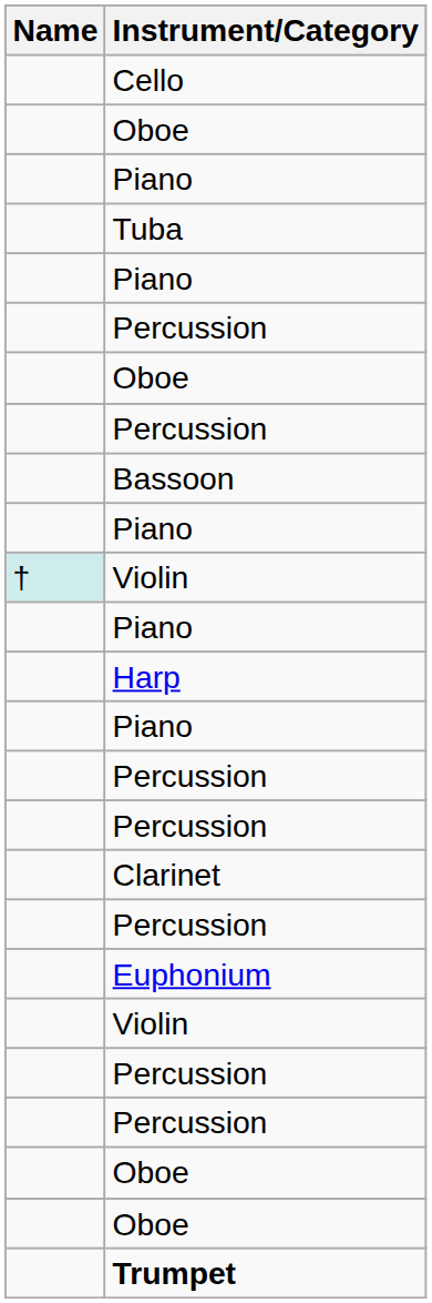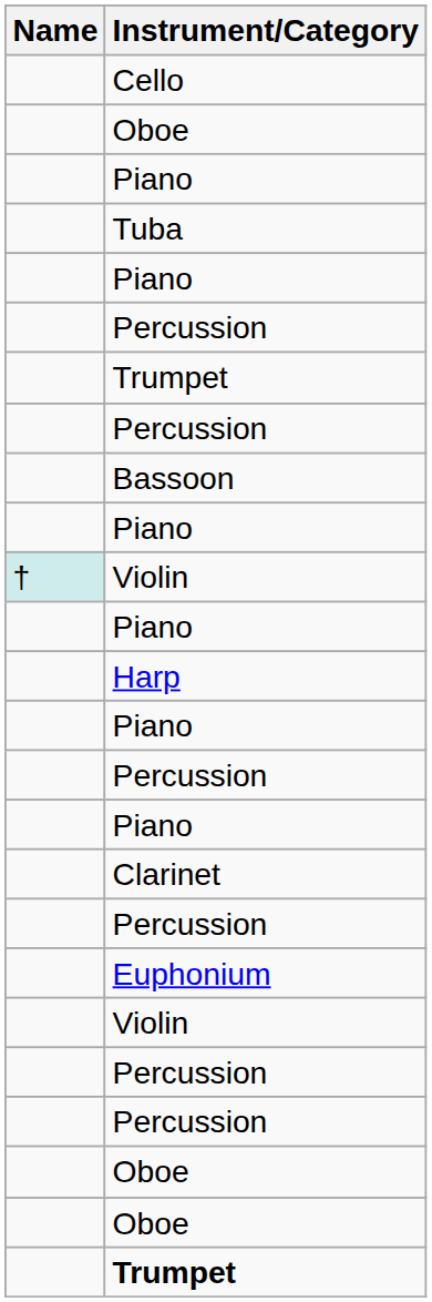 <table class="wikitable sortable" style="font-size: 95%">
 <tr>
 <th>Name</th>
 <th>Instrument/Category</th>
 </tr>
 <tr>
 <td></td>
 <td>Cello</td>
 </tr>
 <tr>
 <td></td>
 <td>Oboe</td>
 </tr>
 <tr>
 <td><strong></strong></td>
 <td>Piano</td>
 </tr>
 <tr>
 <td></td>
 <td>Tuba</td>
 </tr>
 <tr>
 <td></td>
 <td>Piano</td>
 </tr>
 <tr>
 <td></td>
 <td>Percussion</td>
 </tr>
 <tr>
 <td></td>
-<td>Oboe</td>
+<td>Trumpet</td>
 </tr>
 <tr>
 <td></td>
 <td>Percussion</td>
 </tr>
 <tr>
 <td><strong></strong></td>
 <td>Bassoon</td>
 </tr>
 <tr>
 <td></td>
 <td>Piano</td>
 </tr>
 <tr>
 <td bgcolor="#CFECEC"><strong></strong>†</td>
 <td>Violin</td>
 </tr>
 <tr>
 <td><strong></strong></td>
 <td>Piano</td>
 </tr>
 <tr>
 <td></td>
 <td><a href='#'>Harp</a></td>
 </tr>
 <tr>
 <td></td>
 <td>Piano</td>
 </tr>
 <tr>
 <td></td>
 <td>Percussion</td>
 </tr>
 <tr>
 <td></td>
-<td>Percussion</td>
+<td>Piano</td>
 </tr>
 <tr>
 <td></td>
 <td>Clarinet</td>
 </tr>
 <tr>
 <td></td>
 <td>Percussion</td>
 </tr>
 <tr>
 <td></td>
 <td><a href='#'>Euphonium</a></td>
 </tr>
 <tr>
 <td></td>
 <td>Violin</td>
 </tr>
 <tr>
 <td><strong></strong></td>
 <td>Percussion</td>
 </tr>
 <tr>
 <td></td>
 <td>Percussion</td>
 </tr>
 <tr>
 <td></td>
 <td>Oboe</td>
 </tr>
 <tr>
 <td></td>
 <td>Oboe</td>
 </tr>
 <tr>
 <td></td>
 <td><strong>Trumpet</strong></td>
 </tr>
 </table>
